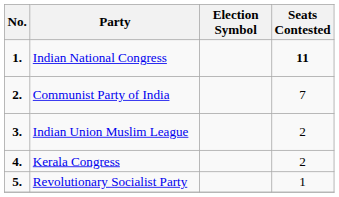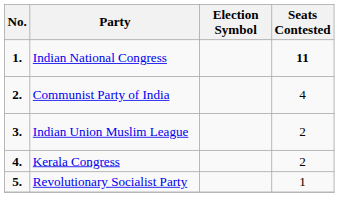 <table class="wikitable">
 <tr>
 <th scope="col" style="width:4px;">No.</th>
 <th scope="col" style="width:200px;">Party</th>
 <th scope="col" style="width:80px;">Election Symbol</th>
 <th scope="col" style="width:60px;">Seats Contested</th>
 </tr>
 <tr style="height: 45px;">
 <td style="text-align:center; background:"><strong>1.</strong></td>
 <td><a href='#'>Indian National Congress</a></td>
 <td style="text-align:center;"></td>
 <td style="text-align:center;"><strong>11</strong></td>
 </tr>
 <tr style="height: 45px;">
 <td style="text-align:center; background:"><strong>2.</strong></td>
 <td><a href='#'>Communist Party of India</a></td>
 <td></td>
-<td style="text-align:center;">7</td>
+<td style="text-align:center;">4</td>
 </tr>
 <tr style="height: 45px;">
 <td style="text-align:center; background:"><strong>3.</strong></td>
 <td><a href='#'>Indian Union Muslim League</a></td>
 <td style="text-align:center;"></td>
 <td style="text-align:center;">2</td>
 </tr>
 <tr>
 <td style="text-align:center; background:"><strong>4.</strong></td>
 <td><a href='#'>Kerala Congress</a></td>
 <td style="text-align:center;"></td>
 <td style="text-align:center;">2</td>
 </tr>
 <tr>
 <td style="text-align:center; background:"><strong>5.</strong></td>
 <td><a href='#'>Revolutionary Socialist Party</a></td>
 <td style="text-align:center;"></td>
 <td style="text-align:center;">1</td>
 </tr>
 <tr>
 </tr>
 </table>
